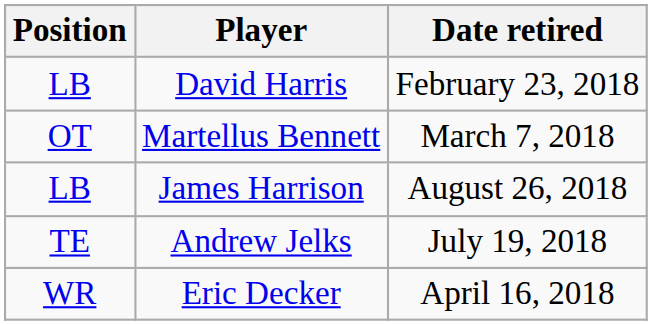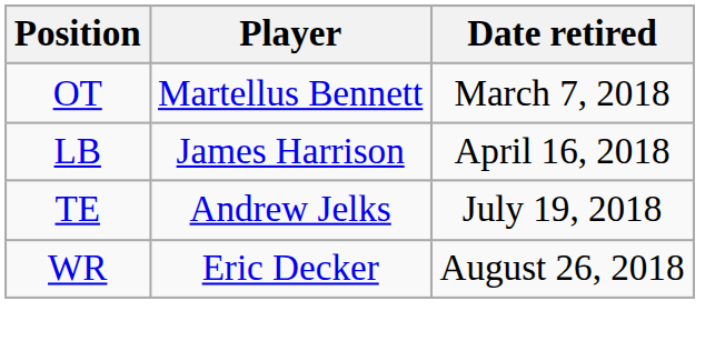 <table class="wikitable" style="text-align:center">
 <tr>
 <th>Position</th>
 <th>Player</th>
 <th>Date retired</th>
-</tr>
-<tr>
-<td><a href='#'>LB</a></td>
-<td><a href='#'>David Harris</a></td>
-<td>February 23, 2018</td>
 </tr>
 <tr>
 <td><a href='#'>OT</a></td>
 <td><a href='#'>Martellus Bennett</a></td>
 <td>March 7, 2018</td>
 </tr>
 <tr>
 <td><a href='#'>LB</a></td>
 <td><a href='#'>James Harrison</a></td>
-<td>August 26, 2018</td>
+<td>April 16, 2018</td>
 </tr>
 <tr>
 <td><a href='#'>TE</a></td>
 <td><a href='#'>Andrew Jelks</a></td>
 <td>July 19, 2018</td>
 </tr>
 <tr>
 <td><a href='#'>WR</a></td>
 <td><a href='#'>Eric Decker</a></td>
-<td>April 16, 2018</td>
+<td>August 26, 2018</td>
 </tr>
 </table>
